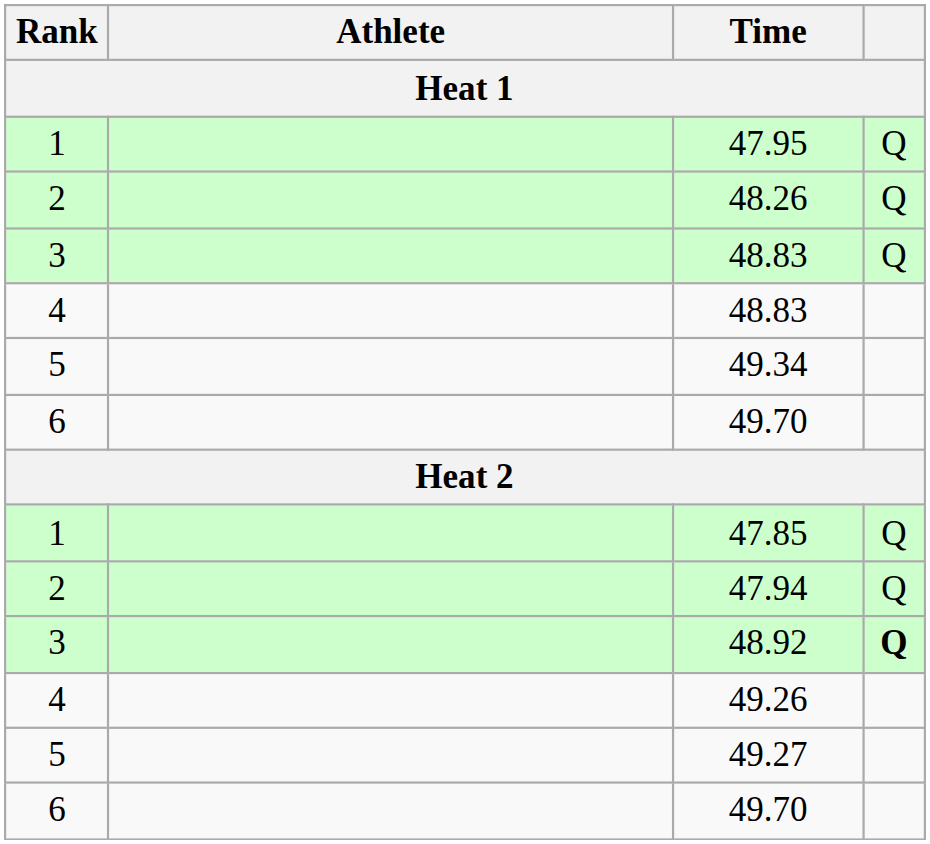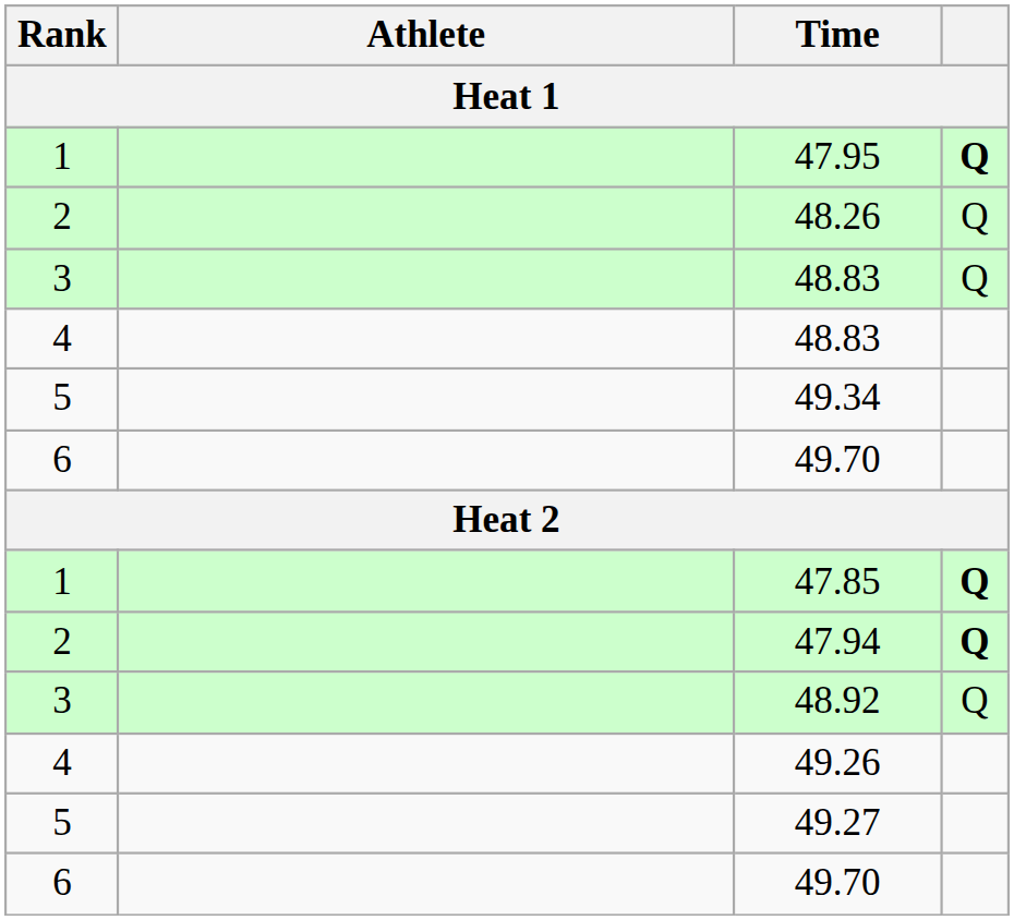 <table class=wikitable style="text-align:center">
 <tr>
 <th width=40>Rank</th>
 <th width=250>Athlete</th>
 <th width=80>Time</th>
 <th width=20></th>
 </tr>
 <tr>
 <th colspan=4>Heat 1</th>
 </tr>
 <tr bgcolor="ccffcc">
 <td>1</td>
 <td align=left></td>
 <td>47.95</td>
-<td>Q</td>
+<td><strong>Q</strong></td>
 </tr>
 <tr bgcolor="ccffcc">
 <td>2</td>
 <td align=left></td>
 <td>48.26</td>
 <td>Q</td>
 </tr>
 <tr bgcolor="ccffcc">
 <td>3</td>
 <td align=left></td>
 <td>48.83</td>
 <td>Q</td>
 </tr>
 <tr>
 <td>4</td>
 <td align=left></td>
 <td>48.83</td>
 <td></td>
 </tr>
 <tr>
 <td>5</td>
 <td align=left></td>
 <td>49.34</td>
 <td></td>
 </tr>
 <tr>
 <td>6</td>
 <td align=left></td>
 <td>49.70</td>
 <td></td>
 </tr>
 <tr>
 <th colspan=4>Heat 2</th>
 </tr>
 <tr bgcolor="ccffcc">
 <td>1</td>
 <td align=left></td>
 <td>47.85</td>
-<td>Q</td>
+<td><strong>Q</strong></td>
 </tr>
 <tr bgcolor="ccffcc">
 <td>2</td>
 <td align=left></td>
 <td>47.94</td>
-<td>Q</td>
+<td><strong>Q</strong></td>
 </tr>
 <tr bgcolor="ccffcc">
 <td>3</td>
 <td align=left></td>
 <td>48.92</td>
-<td><strong>Q</strong></td>
+<td>Q</td>
 </tr>
 <tr>
 <td>4</td>
 <td align=left></td>
 <td>49.26</td>
 <td></td>
 </tr>
 <tr>
 <td>5</td>
 <td align=left></td>
 <td>49.27</td>
 <td></td>
 </tr>
 <tr>
 <td>6</td>
 <td align=left></td>
 <td>49.70</td>
 <td></td>
 </tr>
 </table>
